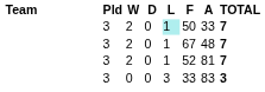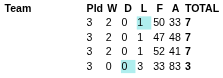 <table>
 <tr>
 <td><br></td>
 </tr>
 <tr border=1 cellpadding=5 cellspacing=0>
 <th width="200">Team</th>
 <th width="20">Pld</th>
 <th width="20">W</th>
 <th width="20">D</th>
 <th width="20">L</th>
 <th width="20">F</th>
 <th width="20">A</th>
 <th width="20">TOTAL</th>
 </tr>
 <tr>
 <td align=left></td>
 <td>3</td>
 <td>2</td>
 <td>0</td>
 <td style="background: paleturquoise;">1</td>
 <td>50</td>
 <td>33</td>
 <td><strong>7</strong></td>
 </tr>
 <tr>
 <td align=left></td>
 <td>3</td>
 <td>2</td>
 <td>0</td>
 <td>1</td>
-<td>67</td>
+<td>47</td>
 <td>48</td>
 <td><strong>7</strong></td>
 </tr>
 <tr>
 <td align=left></td>
 <td>3</td>
 <td>2</td>
 <td>0</td>
 <td>1</td>
 <td>52</td>
-<td>81</td>
+<td>41</td>
 <td><strong>7</strong></td>
 </tr>
 <tr>
 <td align=left></td>
 <td>3</td>
 <td>0</td>
-<td>0</td>
+<td style="background: paleturquoise;">0</td>
 <td>3</td>
 <td>33</td>
 <td>83</td>
 <td><strong>3</strong></td>
 </tr>
 </table>
